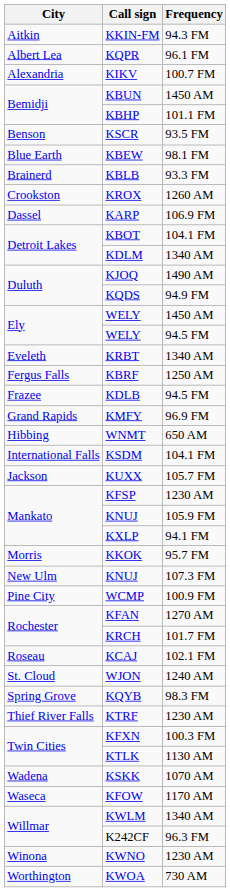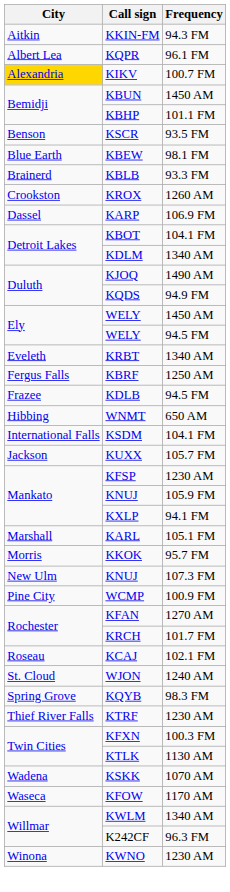 <table class="wikitable">
 <tr>
 <th>City</th>
 <th>Call sign</th>
 <th>Frequency</th>
 </tr>
 <tr>
 <td><a href='#'>Aitkin</a></td>
 <td><a href='#'>KKIN-FM</a></td>
 <td>94.3 FM</td>
 </tr>
 <tr>
 <td><a href='#'>Albert Lea</a></td>
 <td><a href='#'>KQPR</a></td>
 <td>96.1 FM</td>
 </tr>
 <tr>
-<td><a href='#'>Alexandria</a></td>
+<td style="background: gold;"><a href='#'>Alexandria</a></td>
 <td><a href='#'>KIKV</a></td>
 <td>100.7 FM</td>
 </tr>
 <tr>
 <td rowspan="2"><a href='#'>Bemidji</a></td>
 <td><a href='#'>KBUN</a></td>
 <td>1450 AM</td>
 </tr>
 <tr>
 <td><a href='#'>KBHP</a></td>
 <td>101.1 FM</td>
 </tr>
 <tr>
 <td><a href='#'>Benson</a></td>
 <td><a href='#'>KSCR</a></td>
 <td>93.5 FM</td>
 </tr>
 <tr>
 <td><a href='#'>Blue Earth</a></td>
 <td><a href='#'>KBEW</a></td>
 <td>98.1 FM</td>
 </tr>
 <tr>
 <td><a href='#'>Brainerd</a></td>
 <td><a href='#'>KBLB</a></td>
 <td>93.3 FM</td>
 </tr>
 <tr>
 <td><a href='#'>Crookston</a></td>
 <td><a href='#'>KROX</a></td>
 <td>1260 AM</td>
 </tr>
 <tr>
 <td><a href='#'>Dassel</a></td>
 <td><a href='#'>KARP</a></td>
 <td>106.9 FM</td>
 </tr>
 <tr>
 <td rowspan="2"><a href='#'>Detroit Lakes</a></td>
 <td><a href='#'>KBOT</a></td>
 <td>104.1 FM</td>
 </tr>
 <tr>
 <td><a href='#'>KDLM</a></td>
 <td>1340 AM</td>
 </tr>
 <tr>
 <td rowspan="2"><a href='#'>Duluth</a></td>
 <td><a href='#'>KJOQ</a></td>
 <td>1490 AM</td>
 </tr>
 <tr>
 <td><a href='#'>KQDS</a></td>
 <td>94.9 FM</td>
 </tr>
 <tr>
 <td rowspan="2"><a href='#'>Ely</a></td>
 <td><a href='#'>WELY</a></td>
 <td>1450 AM</td>
 </tr>
 <tr>
 <td><a href='#'>WELY</a></td>
 <td>94.5 FM</td>
 </tr>
 <tr>
 <td><a href='#'>Eveleth</a></td>
 <td><a href='#'>KRBT</a></td>
 <td>1340 AM</td>
 </tr>
 <tr>
 <td><a href='#'>Fergus Falls</a></td>
 <td><a href='#'>KBRF</a></td>
 <td>1250 AM</td>
 </tr>
 <tr>
 <td><a href='#'>Frazee</a></td>
 <td><a href='#'>KDLB</a></td>
 <td>94.5 FM</td>
 </tr>
 <tr>
-<td><a href='#'>Grand Rapids</a></td>
-<td><a href='#'>KMFY</a></td>
-<td>96.9 FM</td>
-</tr>
-<tr>
 <td><a href='#'>Hibbing</a></td>
 <td><a href='#'>WNMT</a></td>
 <td>650 AM</td>
 </tr>
 <tr>
 <td><a href='#'>International Falls</a></td>
 <td><a href='#'>KSDM</a></td>
 <td>104.1 FM</td>
 </tr>
 <tr>
 <td><a href='#'>Jackson</a></td>
 <td><a href='#'>KUXX</a></td>
 <td>105.7 FM</td>
 </tr>
 <tr>
 <td rowspan="3"><a href='#'>Mankato</a></td>
 <td><a href='#'>KFSP</a></td>
 <td>1230 AM</td>
 </tr>
 <tr>
 <td><a href='#'>KNUJ</a></td>
 <td>105.9 FM</td>
 </tr>
 <tr>
 <td><a href='#'>KXLP</a></td>
 <td>94.1 FM</td>
+</tr>
+<tr>
+<td><a href='#'>Marshall</a></td>
+<td><a href='#'>KARL</a></td>
+<td>105.1 FM</td>
 </tr>
 <tr>
 <td><a href='#'>Morris</a></td>
 <td><a href='#'>KKOK</a></td>
 <td>95.7 FM</td>
 </tr>
 <tr>
 <td><a href='#'>New Ulm</a></td>
 <td><a href='#'>KNUJ</a></td>
 <td>107.3 FM</td>
 </tr>
 <tr>
 <td><a href='#'>Pine City</a></td>
 <td><a href='#'>WCMP</a></td>
 <td>100.9 FM</td>
 </tr>
 <tr>
 <td rowspan="2"><a href='#'>Rochester</a></td>
 <td><a href='#'>KFAN</a></td>
 <td>1270 AM</td>
 </tr>
 <tr>
 <td><a href='#'>KRCH</a></td>
 <td>101.7 FM</td>
 </tr>
 <tr>
 <td><a href='#'>Roseau</a></td>
 <td><a href='#'>KCAJ</a></td>
 <td>102.1 FM</td>
 </tr>
 <tr>
 <td><a href='#'>St. Cloud</a></td>
 <td><a href='#'>WJON</a></td>
 <td>1240 AM</td>
 </tr>
 <tr>
 <td><a href='#'>Spring Grove</a></td>
 <td><a href='#'>KQYB</a></td>
 <td>98.3 FM</td>
 </tr>
 <tr>
 <td><a href='#'>Thief River Falls</a></td>
 <td><a href='#'>KTRF</a></td>
 <td>1230 AM</td>
 </tr>
 <tr>
 <td rowspan="2"><a href='#'>Twin Cities</a></td>
 <td><a href='#'>KFXN</a></td>
 <td>100.3 FM</td>
 </tr>
 <tr>
 <td><a href='#'>KTLK</a></td>
 <td>1130 AM</td>
 </tr>
 <tr>
 <td><a href='#'>Wadena</a></td>
 <td><a href='#'>KSKK</a></td>
 <td>1070 AM</td>
 </tr>
 <tr>
 <td><a href='#'>Waseca</a></td>
 <td><a href='#'>KFOW</a></td>
 <td>1170 AM</td>
 </tr>
 <tr>
 <td rowspan="2"><a href='#'>Willmar</a></td>
 <td><a href='#'>KWLM</a></td>
 <td>1340 AM</td>
 </tr>
 <tr>
 <td>K242CF</td>
 <td>96.3 FM</td>
 </tr>
 <tr>
 <td><a href='#'>Winona</a></td>
 <td><a href='#'>KWNO</a></td>
 <td>1230 AM</td>
 </tr>
-<tr>
-<td><a href='#'>Worthington</a></td>
-<td><a href='#'>KWOA</a></td>
-<td>730 AM</td>
-</tr>
 </table>
